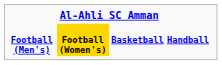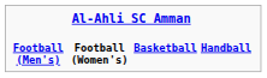 <table class="infobox" style="width: 270px;">
 <tr>
 <th colspan="4"><a href='#'><span>Al-Ahli SC Amman</span></a></th>
 </tr>
 <tr style="font-size: 85%; text-align: center">
 <td><br><strong><a href='#'>Football (Men's)</a></strong></td>
-<td style="background: gold;"><br><strong>Football (Women's)</strong></td>
+<td><br><strong>Football (Women's)</strong></td>
 <td><br><strong><a href='#'>Basketball</a></strong></td>
 <td><br><strong><a href='#'>Handball</a></strong></td>
 <td></td>
 </tr>
 </table>
